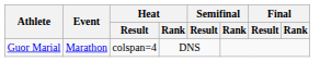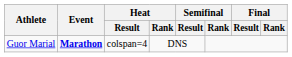 <table class="wikitable" style="font-size:90%">
 <tr>
 <th rowspan="2">Athlete</th>
 <th rowspan="2">Event</th>
 <th colspan="2">Heat</th>
 <th colspan="2">Semifinal</th>
 <th colspan="2">Final</th>
 </tr>
 <tr style="font-size:95%">
 <th>Result</th>
 <th>Rank</th>
 <th>Result</th>
 <th>Rank</th>
 <th>Result</th>
 <th>Rank</th>
 </tr>
 <tr style=text-align:center>
 <td style=text-align:left><a href='#'>Guor Marial</a></td>
-<td style=text-align:left><a href='#'>Marathon</a></td>
+<td style=text-align:left><strong><a href='#'>Marathon</a></strong></td>
 <td>colspan=4 </td>
 <td colspan=2>DNS</td>
 </tr>
 </table>
